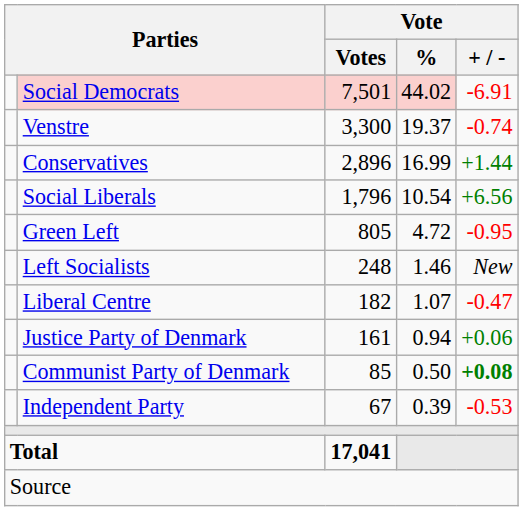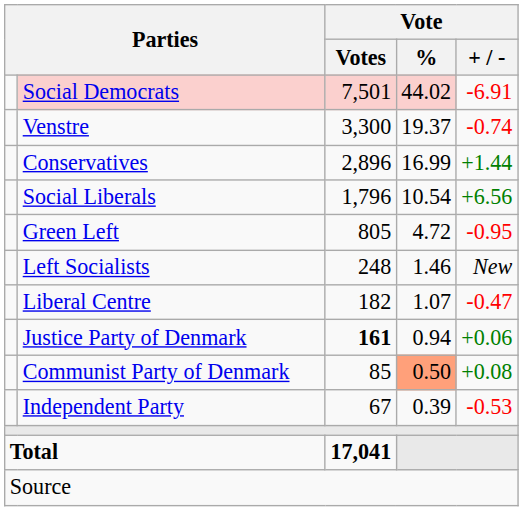 <table class="wikitable" style="text-align:right;">
 <tr>
 <th style="text-align:centre;" rowspan="2" colspan="2" width="225">Parties</th>
 <th colspan="3">Vote</th>
 </tr>
 <tr>
 <th width="15">Votes</th>
 <th width="15">%</th>
 <th width="15">+ / -</th>
 </tr>
 <tr>
 <td width="2" style="color:inherit;background:"></td>
 <td bgcolor=#fbd0ce  align="left"><a href='#'>Social Democrats</a></td>
 <td bgcolor=#fbd0ce>7,501</td>
 <td bgcolor=#fbd0ce>44.02</td>
 <td style=color:red;>-6.91</td>
 </tr>
 <tr>
 <td width="2" style="color:inherit;background:"></td>
 <td align="left"><a href='#'>Venstre</a></td>
 <td>3,300</td>
 <td>19.37</td>
 <td style=color:red;>-0.74</td>
 </tr>
 <tr>
 <td width="2" style="color:inherit;background:"></td>
 <td align="left"><a href='#'>Conservatives</a></td>
 <td>2,896</td>
 <td>16.99</td>
 <td style=color:green;>+1.44</td>
 </tr>
 <tr>
 <td width="2" style="color:inherit;background:"></td>
 <td align="left"><a href='#'>Social Liberals</a></td>
 <td>1,796</td>
 <td>10.54</td>
 <td style=color:green;>+6.56</td>
 </tr>
 <tr>
 <td width="2" style="color:inherit;background:"></td>
 <td align="left"><a href='#'>Green Left</a></td>
 <td>805</td>
 <td>4.72</td>
 <td style=color:red;>-0.95</td>
 </tr>
 <tr>
 <td width="2" style="color:inherit;background:"></td>
 <td align="left"><a href='#'>Left Socialists</a></td>
 <td>248</td>
 <td>1.46</td>
 <td><em>New</em></td>
 </tr>
 <tr>
 <td width="2" style="color:inherit;background:"></td>
 <td align="left"><a href='#'>Liberal Centre</a></td>
 <td>182</td>
 <td>1.07</td>
 <td style=color:red;>-0.47</td>
 </tr>
 <tr>
 <td width="2" style="color:inherit;background:"></td>
 <td align="left"><a href='#'>Justice Party of Denmark</a></td>
-<td>161</td>
+<td><strong>161</strong></td>
 <td>0.94</td>
 <td style=color:green;>+0.06</td>
 </tr>
 <tr>
 <td width="2" style="color:inherit;background:"></td>
 <td align="left"><a href='#'>Communist Party of Denmark</a></td>
 <td>85</td>
-<td>0.50</td>
-<td style=color:green;><strong>+0.08</strong></td>
+<td style="background: lightsalmon;">0.50</td>
+<td style=color:green;>+0.08</td>
 </tr>
 <tr>
 <td width="2" style="color:inherit;background:"></td>
 <td align="left"><a href='#'>Independent Party</a></td>
 <td>67</td>
 <td>0.39</td>
 <td style=color:red;>-0.53</td>
 </tr>
 <tr>
 <td colspan="7" bgcolor="#E9E9E9"></td>
 </tr>
 <tr>
 <td align="left" colspan="2"><strong>Total</strong></td>
 <td><strong>17,041</strong></td>
 <td bgcolor="#E9E9E9" colspan="2"></td>
 </tr>
 <tr>
 <td align="left" colspan="6">Source</td>
 </tr>
 </table>
